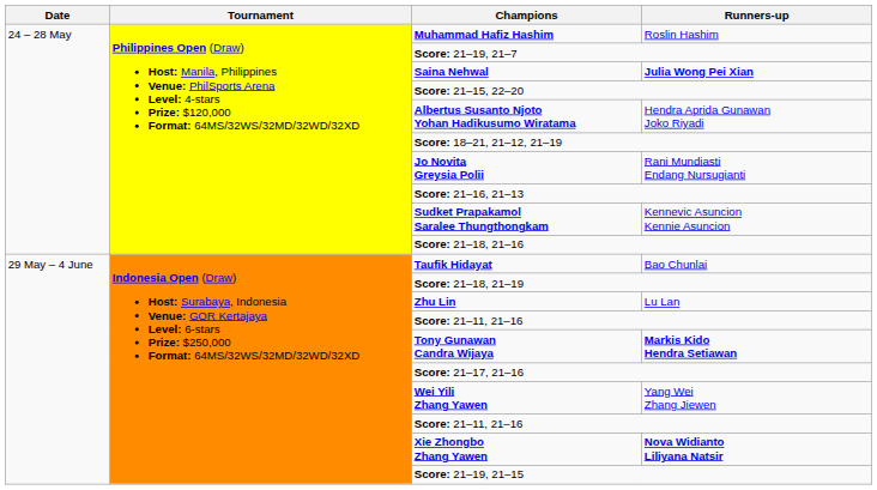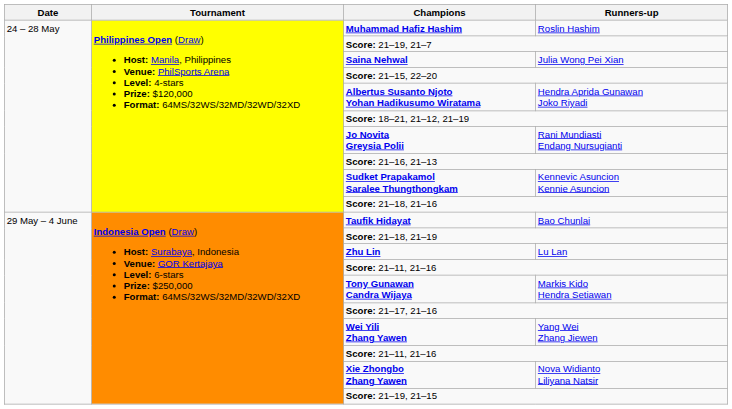 <table class="wikitable" style="font-size:80%">
 <tr>
 <th width="110">Date</th>
 <th width="330">Tournament</th>
 <th width="250">Champions</th>
 <th width="250">Runners-up</th>
 </tr>
 <tr valign=top>
 <td rowspan="10">24 – 28 May</td>
 <td bgcolor="#FFFF00" rowspan="10"><br><strong><a href='#'>Philippines Open</a></strong> (<a href='#'>Draw</a>)<ul><li><strong>Host:</strong> <a href='#'>Manila</a>, Philippines</li><li><strong>Venue:</strong> <a href='#'>PhilSports Arena</a></li><li><strong>Level:</strong> 4-stars</li><li><strong>Prize:</strong> $120,000</li><li><strong>Format:</strong> 64MS/32WS/32MD/32WD/32XD</li></ul></td>
 <td><strong> <a href='#'>Muhammad Hafiz Hashim</a></strong></td>
 <td> <a href='#'>Roslin Hashim</a></td>
 </tr>
 <tr>
 <td colspan="2"><strong>Score:</strong> 21–19, 21–7</td>
 </tr>
 <tr valign="top">
 <td><strong> <a href='#'>Saina Nehwal</a></strong></td>
-<td><strong> <a href='#'>Julia Wong Pei Xian</a></strong></td>
+<td> <a href='#'>Julia Wong Pei Xian</a></td>
 </tr>
 <tr>
 <td colspan="2"><strong>Score:</strong> 21–15, 22–20</td>
 </tr>
 <tr valign="top">
 <td><strong> <a href='#'>Albertus Susanto Njoto</a><br> <a href='#'>Yohan Hadikusumo Wiratama</a></strong></td>
 <td> <a href='#'>Hendra Aprida Gunawan</a><br> <a href='#'>Joko Riyadi</a></td>
 </tr>
 <tr>
 <td colspan="2"><strong>Score:</strong> 18–21, 21–12, 21–19</td>
 </tr>
 <tr valign="top">
 <td><strong> <a href='#'>Jo Novita</a><br> <a href='#'>Greysia Polii</a></strong></td>
 <td> <a href='#'>Rani Mundiasti</a><br> <a href='#'>Endang Nursugianti</a></td>
 </tr>
 <tr>
 <td colspan="2"><strong>Score:</strong> 21–16, 21–13</td>
 </tr>
 <tr valign="top">
 <td><strong> <a href='#'>Sudket Prapakamol</a><br> <a href='#'>Saralee Thungthongkam</a></strong></td>
 <td> <a href='#'>Kennevic Asuncion</a><br> <a href='#'>Kennie Asuncion</a></td>
 </tr>
 <tr>
 <td colspan="2"><strong>Score:</strong> 21–18, 21–16</td>
 </tr>
 <tr valign=top>
 <td rowspan="10">29 May – 4 June</td>
 <td bgcolor="#FF8C00" rowspan="10"><br><strong><a href='#'>Indonesia Open</a></strong> (<a href='#'>Draw</a>)<ul><li><strong>Host:</strong> <a href='#'>Surabaya</a>, Indonesia</li><li><strong>Venue:</strong> <a href='#'>GOR Kertajaya</a></li><li><strong>Level:</strong> 6-stars</li><li><strong>Prize:</strong> $250,000</li><li><strong>Format:</strong> 64MS/32WS/32MD/32WD/32XD</li></ul></td>
 <td><strong> <a href='#'>Taufik Hidayat</a></strong></td>
 <td> <a href='#'>Bao Chunlai</a></td>
 </tr>
 <tr>
 <td colspan="2"><strong>Score:</strong> 21–18, 21–19</td>
 </tr>
 <tr valign="top">
 <td><strong> <a href='#'>Zhu Lin</a></strong></td>
 <td> <a href='#'>Lu Lan</a></td>
 </tr>
 <tr>
 <td colspan="2"><strong>Score:</strong> 21–11, 21–16</td>
 </tr>
 <tr valign="top">
 <td><strong> <a href='#'>Tony Gunawan</a><br> <a href='#'>Candra Wijaya</a></strong></td>
-<td><strong> <a href='#'>Markis Kido</a><br> <a href='#'>Hendra Setiawan</a></strong></td>
+<td> <a href='#'>Markis Kido</a><br> <a href='#'>Hendra Setiawan</a></td>
 </tr>
 <tr>
 <td colspan="2"><strong>Score:</strong> 21–17, 21–16</td>
 </tr>
 <tr valign="top">
 <td><strong> <a href='#'>Wei Yili</a><br> <a href='#'>Zhang Yawen</a></strong></td>
 <td> <a href='#'>Yang Wei</a><br> <a href='#'>Zhang Jiewen</a></td>
 </tr>
 <tr>
 <td colspan="2"><strong>Score:</strong> 21–11, 21–16</td>
 </tr>
 <tr valign="top">
 <td><strong> <a href='#'>Xie Zhongbo</a><br> <a href='#'>Zhang Yawen</a></strong></td>
-<td><strong> <a href='#'>Nova Widianto</a><br> <a href='#'>Liliyana Natsir</a></strong></td>
+<td> <a href='#'>Nova Widianto</a><br> <a href='#'>Liliyana Natsir</a></td>
 </tr>
 <tr>
 <td colspan="2"><strong>Score:</strong> 21–19, 21–15</td>
 </tr>
 </table>
